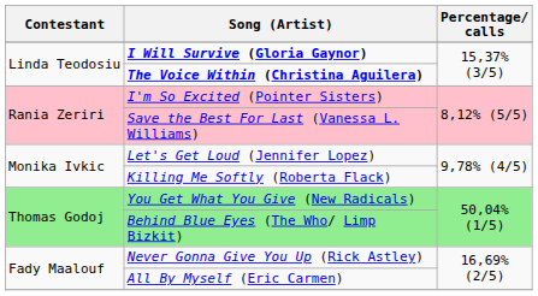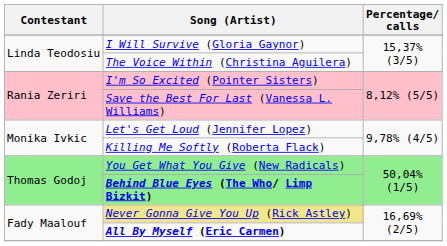 <table class="wikitable">
 <tr>
 <th width="110">Contestant</th>
 <th width="300">Song (Artist)</th>
 <th width="28">Percentage/<br>calls</th>
 </tr>
 <tr>
 </tr>
 <tr>
 <td align="left" rowspan="2">Linda Teodosiu</td>
-<td align="left"><strong><em><a href='#'>I Will Survive</a></em> (<a href='#'>Gloria Gaynor</a>)</strong></td>
+<td align="left"><em><a href='#'>I Will Survive</a></em> (<a href='#'>Gloria Gaynor</a>)</td>
 <td align="center" rowspan="2">15,37% (3/5)</td>
 </tr>
 <tr>
-<td align="left"><strong><em><a href='#'>The Voice Within</a></em> (<a href='#'>Christina Aguilera</a>)</strong></td>
+<td align="left"><em><a href='#'>The Voice Within</a></em> (<a href='#'>Christina Aguilera</a>)</td>
 </tr>
 <tr bgcolor="pink">
 <td align="left" rowspan="2">Rania Zeriri</td>
 <td align="left"><em><a href='#'>I'm So Excited</a></em> (<a href='#'>Pointer Sisters</a>)</td>
 <td align="center" rowspan="2">8,12% (5/5)</td>
 </tr>
 <tr bgcolor="pink">
 <td align="left"><em><a href='#'>Save the Best For Last</a></em> (<a href='#'>Vanessa L. Williams</a>)</td>
 </tr>
 <tr>
 <td align="left" rowspan="2">Monika Ivkic</td>
 <td align="left"><em><a href='#'>Let's Get Loud</a></em> (<a href='#'>Jennifer Lopez</a>)</td>
 <td align="center" rowspan="2">9,78% (4/5)</td>
 </tr>
 <tr>
 <td align="left"><em><a href='#'>Killing Me Softly</a></em> (<a href='#'>Roberta Flack</a>)</td>
 </tr>
 <tr style="background:lightgreen;">
 <td align="left" rowspan="2">Thomas Godoj</td>
 <td align="left"><em><a href='#'>You Get What You Give</a></em> (<a href='#'>New Radicals</a>)</td>
 <td align="center" rowspan="2">50,04% (1/5)</td>
 </tr>
 <tr style="background:lightgreen;">
-<td align="left"><em><a href='#'>Behind Blue Eyes</a></em> (<a href='#'>The Who</a>/ <a href='#'>Limp Bizkit</a>)</td>
+<td align="left"><strong><em><a href='#'>Behind Blue Eyes</a></em> (<a href='#'>The Who</a>/ <a href='#'>Limp Bizkit</a>)</strong></td>
 </tr>
 <tr>
 <td align="left" rowspan="2">Fady Maalouf</td>
-<td align="left"><em><a href='#'>Never Gonna Give You Up</a></em> (<a href='#'>Rick Astley</a>)</td>
+<td align="left" style="background: khaki;"><em><a href='#'>Never Gonna Give You Up</a></em> (<a href='#'>Rick Astley</a>)</td>
 <td align="center" rowspan="2">16,69% (2/5)</td>
 </tr>
 <tr>
-<td align="left"><em><a href='#'>All By Myself</a></em> (<a href='#'>Eric Carmen</a>)</td>
+<td align="left"><strong><em><a href='#'>All By Myself</a></em> (<a href='#'>Eric Carmen</a>)</strong></td>
 </tr>
 <tr>
 </tr>
 </table>
